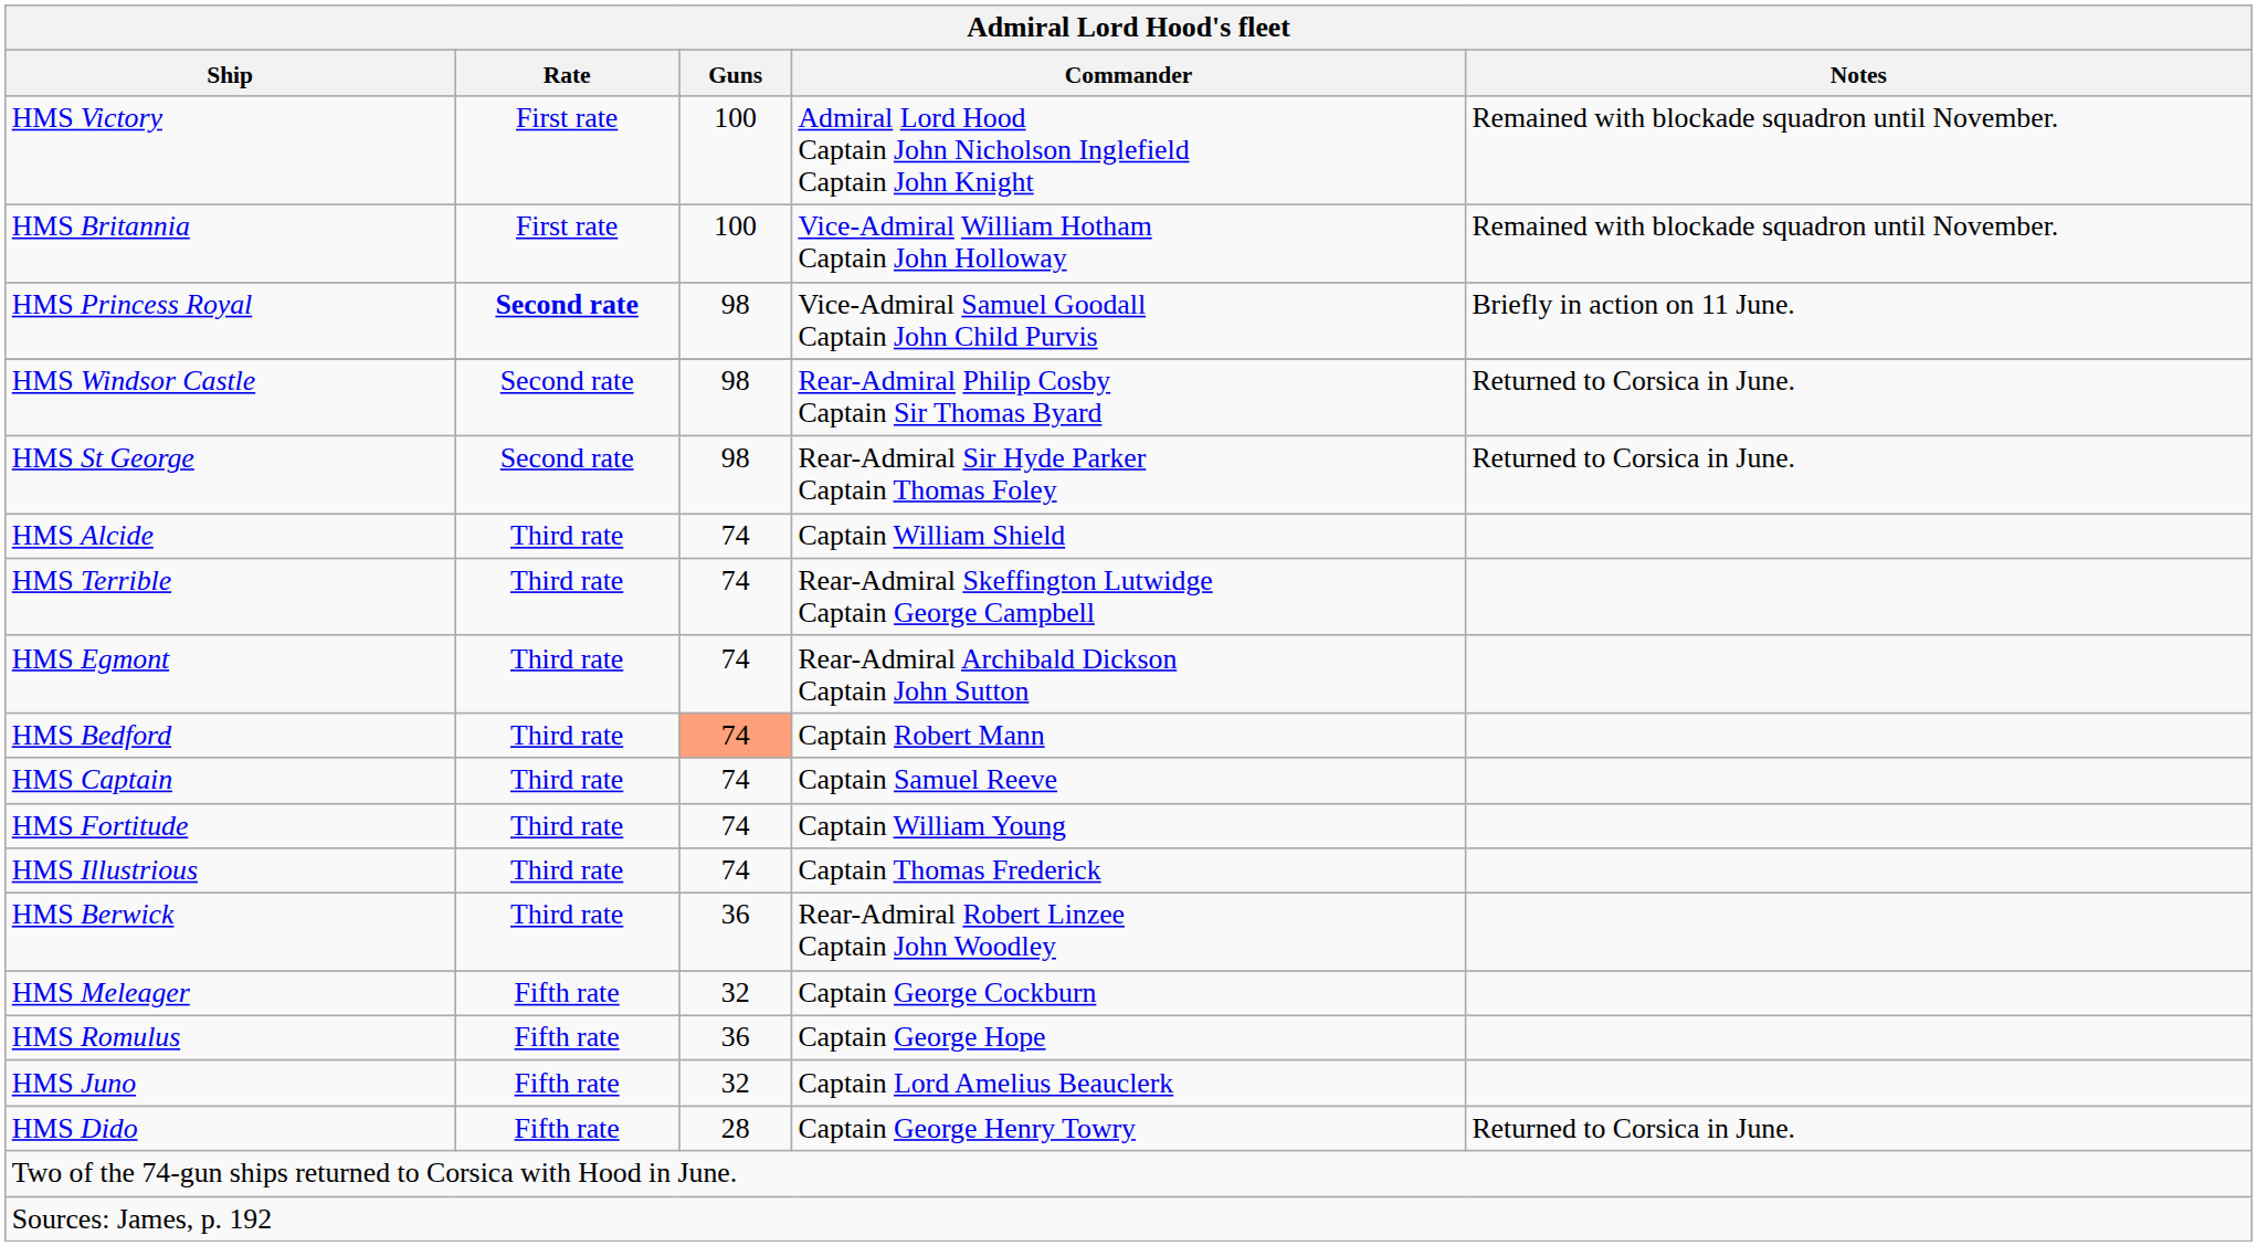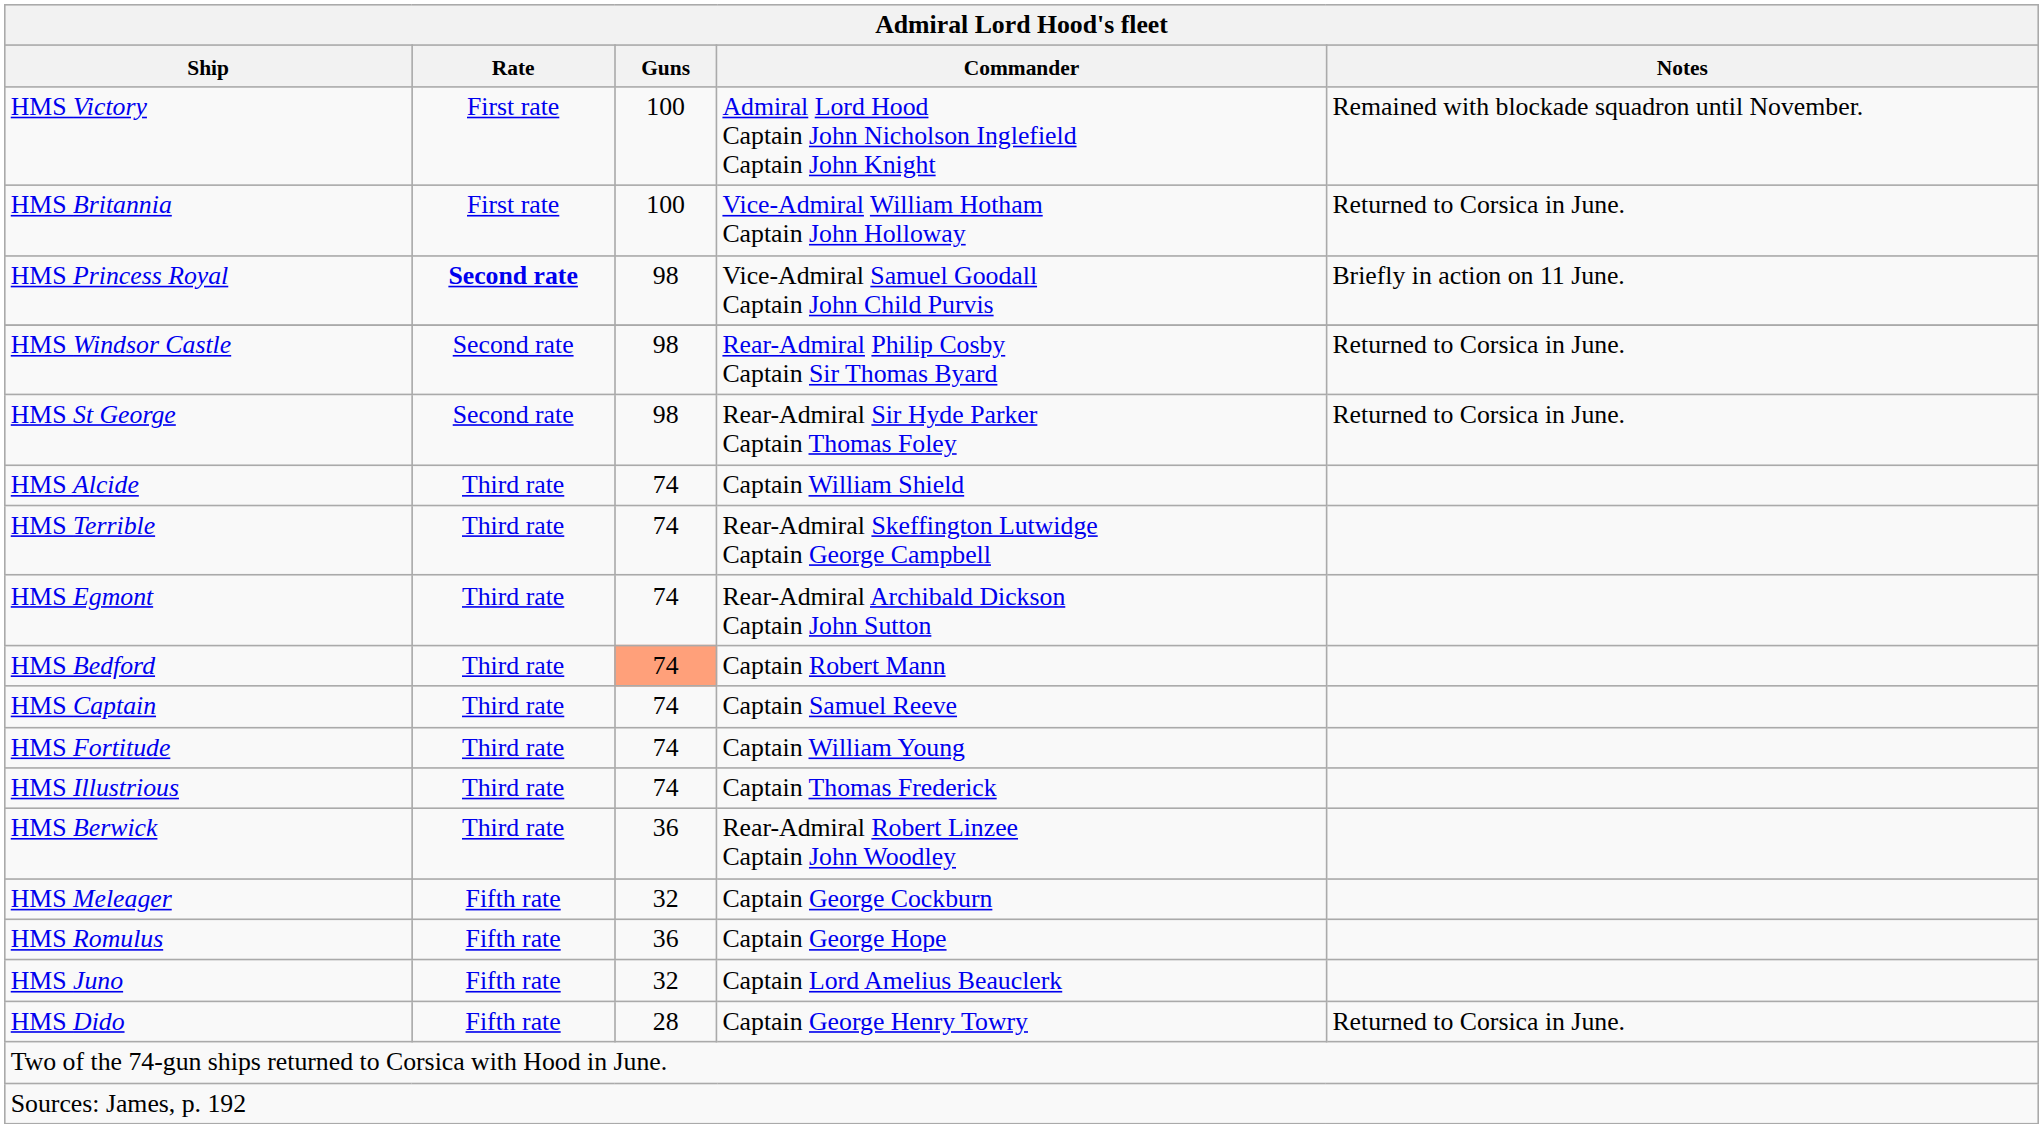 <table class="wikitable" width=100%>
 <tr valign="top">
 <th colspan="11" bgcolor="white">Admiral Lord Hood's fleet</th>
 </tr>
 <tr valign="top"|- valign="top">
 <th width=20%; align= center><small> Ship </small></th>
 <th width=10%; align= center><small> Rate </small></th>
 <th width=5%; align= center><small> Guns </small></th>
 <th width=30%; align= center><small> Commander </small></th>
 <th width=35%; align= center><small>Notes</small></th>
 </tr>
 <tr valign="top">
 <td align= left><a href='#'>HMS <em>Victory</em></a></td>
 <td align= center><a href='#'>First rate</a></td>
 <td align= center>100</td>
 <td align= left><a href='#'>Admiral</a> <a href='#'>Lord Hood</a><br>Captain <a href='#'>John Nicholson Inglefield</a><br>Captain <a href='#'>John Knight</a></td>
 <td align= left>Remained with blockade squadron until November.</td>
 </tr>
 <tr valign="top">
 <td align= left><a href='#'>HMS <em>Britannia</em></a></td>
 <td align= center><a href='#'>First rate</a></td>
 <td align= center>100</td>
 <td align= left><a href='#'>Vice-Admiral</a> <a href='#'>William Hotham</a><br>Captain <a href='#'>John Holloway</a></td>
-<td align= left>Remained with blockade squadron until November.</td>
+<td align= left>Returned to Corsica in June.</td>
 </tr>
 <tr valign="top">
 <td align= left><a href='#'>HMS <em>Princess Royal</em></a></td>
 <td align= center><strong><a href='#'>Second rate</a></strong></td>
 <td align= center>98</td>
 <td align= left>Vice-Admiral <a href='#'>Samuel Goodall</a><br>Captain <a href='#'>John Child Purvis</a></td>
 <td align= left>Briefly in action on 11 June.</td>
 </tr>
 <tr valign="top">
 </tr>
 <tr valign="top">
 <td align= left><a href='#'>HMS <em>Windsor Castle</em></a></td>
 <td align= center><a href='#'>Second rate</a></td>
 <td align= center>98</td>
 <td align= left><a href='#'>Rear-Admiral</a> <a href='#'>Philip Cosby</a><br>Captain <a href='#'>Sir Thomas Byard</a></td>
 <td align= left>Returned to Corsica in June.</td>
 </tr>
 <tr valign="top">
 <td align= left><a href='#'>HMS <em>St George</em></a></td>
 <td align= center><a href='#'>Second rate</a></td>
 <td align= center>98</td>
 <td align= left>Rear-Admiral <a href='#'>Sir Hyde Parker</a><br>Captain <a href='#'>Thomas Foley</a></td>
 <td align= left>Returned to Corsica in June.</td>
 </tr>
 <tr valign="top">
 <td align= left><a href='#'>HMS <em>Alcide</em></a></td>
 <td align= center><a href='#'>Third rate</a></td>
 <td align= center>74</td>
 <td align= left>Captain <a href='#'>William Shield</a></td>
 <td align= left></td>
 </tr>
 <tr valign="top">
 <td align= left><a href='#'>HMS <em>Terrible</em></a></td>
 <td align= center><a href='#'>Third rate</a></td>
 <td align= center>74</td>
 <td align= left>Rear-Admiral <a href='#'>Skeffington Lutwidge</a><br>Captain <a href='#'>George Campbell</a></td>
 <td align= left></td>
 </tr>
 <tr valign="top">
 <td align= left><a href='#'>HMS <em>Egmont</em></a></td>
 <td align= center><a href='#'>Third rate</a></td>
 <td align= center>74</td>
 <td align= left>Rear-Admiral <a href='#'>Archibald Dickson</a><br>Captain <a href='#'>John Sutton</a></td>
 <td align= left></td>
 </tr>
 <tr valign="top">
 <td align= left><a href='#'>HMS <em>Bedford</em></a></td>
 <td align= center><a href='#'>Third rate</a></td>
 <td align= center style="background: lightsalmon;">74</td>
 <td align= left>Captain <a href='#'>Robert Mann</a></td>
 <td align= left></td>
 </tr>
 <tr valign="top">
 <td align= left><a href='#'>HMS <em>Captain</em></a></td>
 <td align= center><a href='#'>Third rate</a></td>
 <td align= center>74</td>
 <td align= left>Captain <a href='#'>Samuel Reeve</a></td>
 <td align= left></td>
 </tr>
 <tr valign="top">
 <td align= left><a href='#'>HMS <em>Fortitude </em></a></td>
 <td align= center><a href='#'>Third rate</a></td>
 <td align= center>74</td>
 <td align= left>Captain <a href='#'>William Young</a></td>
 <td align= left></td>
 </tr>
 <tr valign="top">
 <td align= left><a href='#'>HMS <em>Illustrious</em></a></td>
 <td align= center><a href='#'>Third rate</a></td>
 <td align= center>74</td>
 <td align= left>Captain <a href='#'>Thomas Frederick</a></td>
 <td align= left></td>
 </tr>
 <tr valign="top">
 <td align= left><a href='#'>HMS <em>Berwick</em></a></td>
 <td align= center><a href='#'>Third rate</a></td>
 <td align= center>36</td>
 <td align= left>Rear-Admiral <a href='#'>Robert Linzee</a><br>Captain <a href='#'>John Woodley</a></td>
 <td align= left></td>
 </tr>
 <tr valign="top">
 <td align= left><a href='#'>HMS <em>Meleager</em></a></td>
 <td align= center><a href='#'>Fifth rate</a></td>
 <td align= center>32</td>
 <td align= left>Captain <a href='#'>George Cockburn</a></td>
 <td align= left></td>
 </tr>
 <tr valign="top">
 <td align= left><a href='#'>HMS <em>Romulus</em></a></td>
 <td align= center><a href='#'>Fifth rate</a></td>
 <td align= center>36</td>
 <td align= left>Captain <a href='#'>George Hope</a></td>
 <td align= left></td>
 </tr>
 <tr valign="top">
 <td align= left><a href='#'>HMS <em>Juno</em></a></td>
 <td align= center><a href='#'>Fifth rate</a></td>
 <td align= center>32</td>
 <td align= left>Captain <a href='#'>Lord Amelius Beauclerk</a></td>
 <td align= left></td>
 </tr>
 <tr valign="top">
 <td align= left><a href='#'>HMS <em>Dido</em></a></td>
 <td align= center><a href='#'>Fifth rate</a></td>
 <td align= center>28</td>
 <td align= left>Captain <a href='#'>George Henry Towry</a></td>
 <td align= left>Returned to Corsica in June.</td>
 </tr>
 <tr valign="top">
 <td colspan="11" align="left">Two of the 74-gun ships returned to Corsica with Hood in June.</td>
 </tr>
 <tr valign="top">
 <td colspan="11" align="left">Sources: James, p. 192</td>
 </tr>
 <tr>
 </tr>
 </table>
